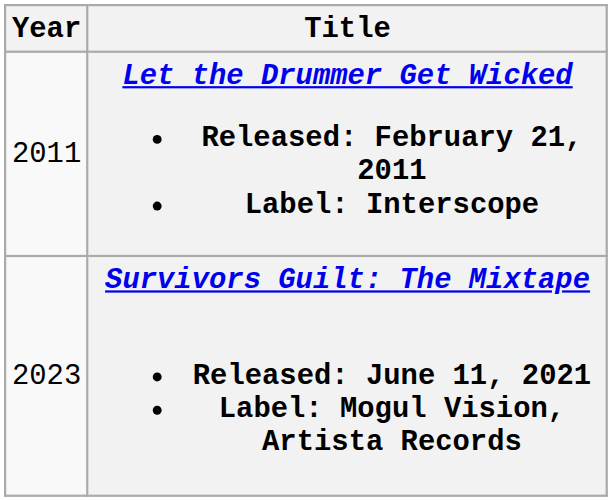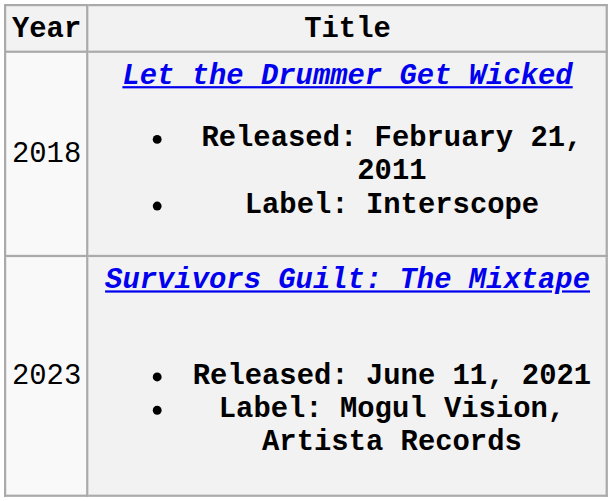 <table class="wikitable plainrowheaders" style="text-align:center;">
 <tr>
 <th scope="col" style="width:2em;">Year</th>
 <th scope="col" style="width:17.5em;">Title</th>
 </tr>
 <tr>
-<td align="center">2011</td>
+<td align="center">2018</td>
 <th scope="row"><em><a href='#'>Let the Drummer Get Wicked</a></em><br><ul><li>Released: February 21, 2011</li><li>Label: Interscope</li></ul></th>
 </tr>
 <tr>
 <td align="center">2023</td>
 <th scope="row"><em><a href='#'>Survivors Guilt: The Mixtape</a></em><br><br><ul><li>Released: June 11, 2021</li><li>Label: Mogul Vision, Artista Records</li></ul></th>
 </tr>
 </table>
